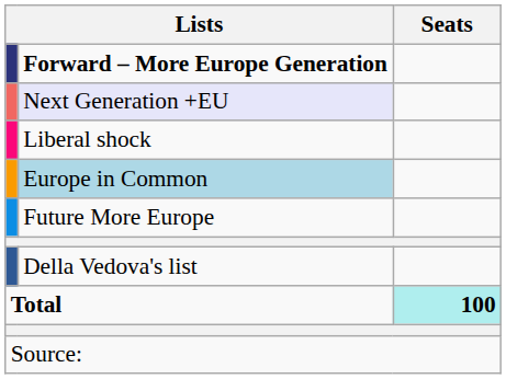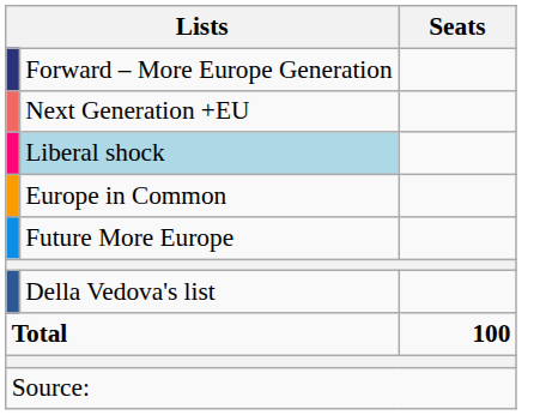 <table class="wikitable" style="text-align:right; font-size:90%;">
 <tr>
 <th colspan="2" width="100">Lists</th>
 <th width="60">Seats</th>
 </tr>
 <tr>
 <td width="1" bgcolor=#2B327A></td>
-<td align="left"><strong>Forward – More Europe Generation</strong></td>
+<td align="left">Forward – More Europe Generation</td>
 <td></td>
 </tr>
 <tr>
 <td width="1" bgcolor=#F16761></td>
-<td align="left" style="background: lavender;">Next Generation +EU</td>
+<td align="left">Next Generation +EU</td>
 <td></td>
 </tr>
 <tr>
 <td width="1" bgcolor=#FB077A></td>
-<td align="left">Liberal shock</td>
+<td align="left" style="background: lightblue;">Liberal shock</td>
 <td></td>
 </tr>
 <tr>
 <td width="1" bgcolor=#FA9B00></td>
-<td align="left" style="background: lightblue;">Europe in Common</td>
+<td align="left">Europe in Common</td>
 <td></td>
 </tr>
 <tr>
 <td width="1" bgcolor=#0C8EE4></td>
 <td align="left">Future More Europe</td>
 <td></td>
 </tr>
 <tr>
 <th colspan="5"></th>
 </tr>
 <tr>
 <td width="1" bgcolor=#2E5894></td>
 <td align="left">Della Vedova's list</td>
 <td></td>
 </tr>
 <tr style="font-weight:bold;">
 <td align="left" colspan="2">Total</td>
-<td style="background: paleturquoise;">100</td>
+<td>100</td>
 </tr>
 <tr>
 <th colspan="5"></th>
 </tr>
 <tr>
 <td colspan="5" align="left">Source: </td>
 </tr>
 </table>
